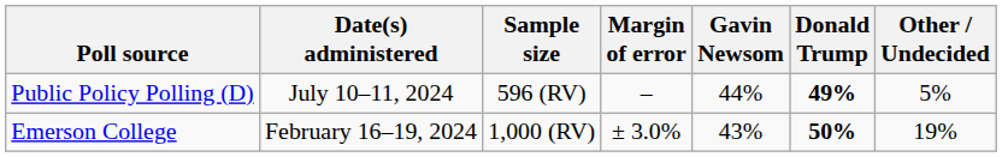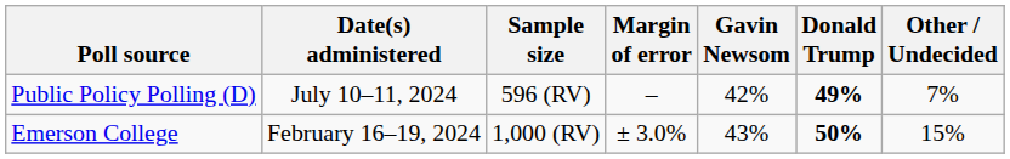 <table class="wikitable sortable mw-datatable" style="font-size:90%;text-align:center;line-height:17px">
 <tr valign=bottom>
 <th>Poll source</th>
 <th>Date(s)<br>administered</th>
 <th>Sample<br>size</th>
 <th>Margin<br>of error</th>
 <th class="unsortable">Gavin<br>Newsom<br></th>
 <th class="unsortable">Donald<br>Trump<br></th>
 <th class="unsortable">Other /<br>Undecided</th>
 </tr>
 <tr>
 <td style="text-align:left;"><a href='#'>Public Policy Polling (D)</a></td>
 <td data-sort-value="2024-07-22">July 10–11, 2024</td>
 <td>596 (RV)</td>
 <td>–</td>
-<td>44%</td>
+<td>42%</td>
 <td style="background-color:"><strong>49%</strong></td>
-<td>5%</td>
+<td>7%</td>
 </tr>
 <tr>
 <td style="text-align:left;"><a href='#'>Emerson College</a></td>
 <td data-sort-value="2024-02-22">February 16–19, 2024</td>
 <td>1,000 (RV)</td>
 <td>± 3.0%</td>
 <td>43%</td>
 <td style="background-color:"><strong>50%</strong></td>
-<td>19%</td>
+<td>15%</td>
 </tr>
 </table>
